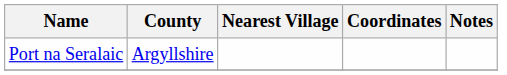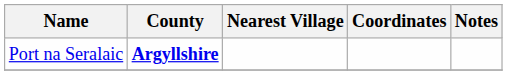 <table class="wikitable sortable" style="table-layout:fixed;background-color:#FEFEFE;font-size:95%;padding:0.30em;line-height:1.35em;">
 <tr>
 <th scope="col">Name</th>
 <th scope="col">County</th>
 <th scope="col">Nearest Village</th>
 <th scope="col" data-sort-type="number">Coordinates</th>
 <th scope="col">Notes</th>
 </tr>
 <tr>
 <td><a href='#'>Port na Seralaic</a></td>
-<td><a href='#'>Argyllshire</a></td>
+<td><strong><a href='#'>Argyllshire</a></strong></td>
 <td></td>
 <td></td>
 <td></td>
 </tr>
 <tr>
 </tr>
 </table>
